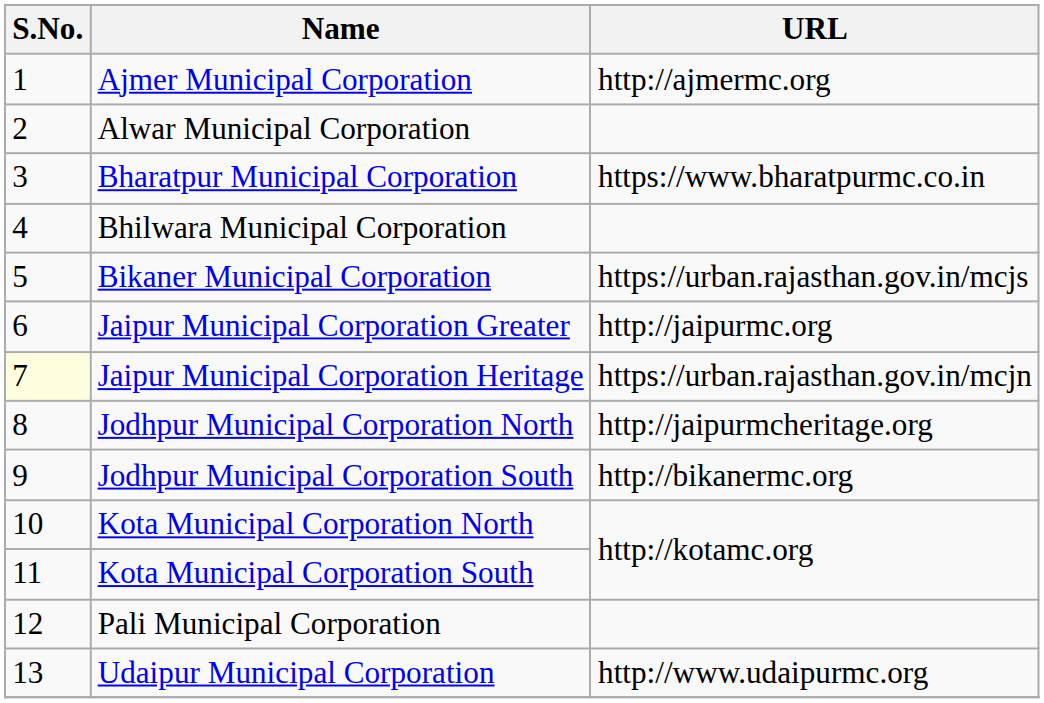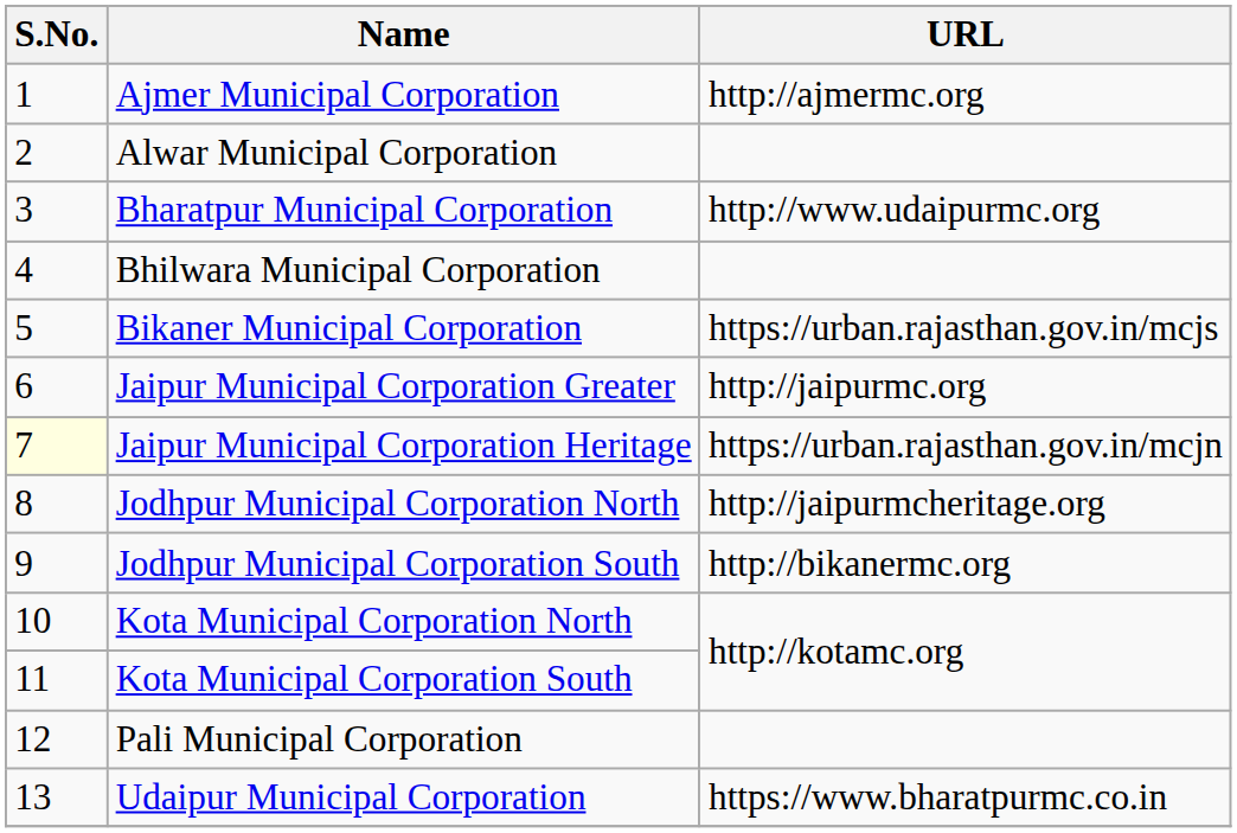 <table class="wikitable sortable">
 <tr>
 <th scope="col">S.No.</th>
 <th scope="col">Name</th>
 <th scope="col">URL</th>
 </tr>
 <tr>
 <td>1</td>
 <td><a href='#'>Ajmer Municipal Corporation</a></td>
 <td>http://ajmermc.org</td>
 </tr>
 <tr>
 <td>2</td>
 <td>Alwar Municipal Corporation</td>
 <td></td>
 </tr>
 <tr>
 <td>3</td>
 <td><a href='#'>Bharatpur Municipal Corporation</a></td>
-<td>https://www.bharatpurmc.co.in</td>
+<td>http://www.udaipurmc.org</td>
 </tr>
 <tr>
 <td>4</td>
 <td>Bhilwara Municipal Corporation</td>
 <td></td>
 </tr>
 <tr>
 <td>5</td>
 <td><a href='#'>Bikaner Municipal Corporation</a></td>
 <td>https://urban.rajasthan.gov.in/mcjs</td>
 </tr>
 <tr>
 <td>6</td>
 <td><a href='#'>Jaipur Municipal Corporation Greater</a></td>
 <td>http://jaipurmc.org</td>
 </tr>
 <tr>
 <td style="background: lightyellow;">7</td>
 <td><a href='#'>Jaipur Municipal Corporation Heritage</a></td>
 <td>https://urban.rajasthan.gov.in/mcjn</td>
 </tr>
 <tr>
 <td>8</td>
 <td><a href='#'>Jodhpur Municipal Corporation North</a></td>
 <td>http://jaipurmcheritage.org</td>
 </tr>
 <tr>
 <td>9</td>
 <td><a href='#'>Jodhpur Municipal Corporation South</a></td>
 <td>http://bikanermc.org</td>
 </tr>
 <tr>
 <td>10</td>
 <td><a href='#'>Kota Municipal Corporation North</a></td>
 <td rowspan="2">http://kotamc.org</td>
 </tr>
 <tr>
 <td>11</td>
 <td><a href='#'>Kota Municipal Corporation South</a></td>
 </tr>
 <tr>
 <td>12</td>
 <td>Pali Municipal Corporation</td>
 <td></td>
 </tr>
 <tr>
 <td>13</td>
 <td><a href='#'>Udaipur Municipal Corporation</a></td>
-<td>http://www.udaipurmc.org</td>
+<td>https://www.bharatpurmc.co.in</td>
 </tr>
 <tr>
 </tr>
 </table>
